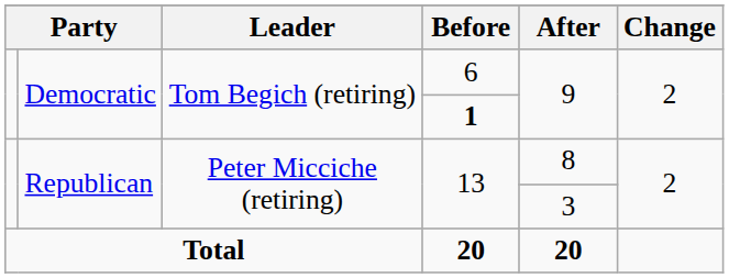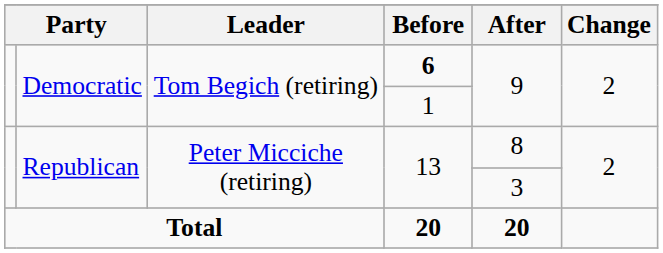 <table class="wikitable" style="text-align:center;">
 <tr>
 </tr>
 <tr>
 <th colspan=2>Party</th>
 <th>Leader</th>
 <th style="width:3em">Before</th>
 <th style="width:3em">After</th>
 <th style="width:3em">Change</th>
 </tr>
 <tr>
 <td rowspan=2 style="background-color:"></td>
 <td rowspan=2 style="text-align:left;"><a href='#'>Democratic</a></td>
 <td rowspan=2><a href='#'>Tom Begich</a> (retiring)</td>
-<td>6</td>
+<td><strong>6</strong></td>
 <td rowspan=2 >9</td>
 <td rowspan=2> 2</td>
 </tr>
 <tr>
-<td><strong>1</strong></td>
+<td>1</td>
 </tr>
 <tr>
 <td rowspan=2 style="background-color:"></td>
 <td rowspan=2 style="text-align:left;"><a href='#'>Republican</a></td>
 <td rowspan=2><a href='#'>Peter Micciche</a><br>(retiring)</td>
 <td rowspan=2 >13</td>
 <td>8</td>
 <td rowspan=2> 2</td>
 </tr>
 <tr>
 <td>3</td>
 </tr>
 <tr>
 <td colspan="3"><strong>Total</strong></td>
 <td><strong>20</strong></td>
 <td><strong>20</strong></td>
 <td></td>
 </tr>
 </table>
